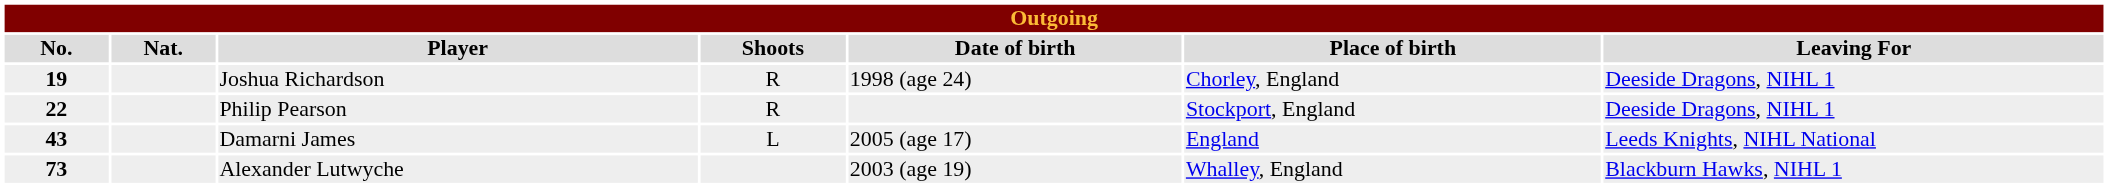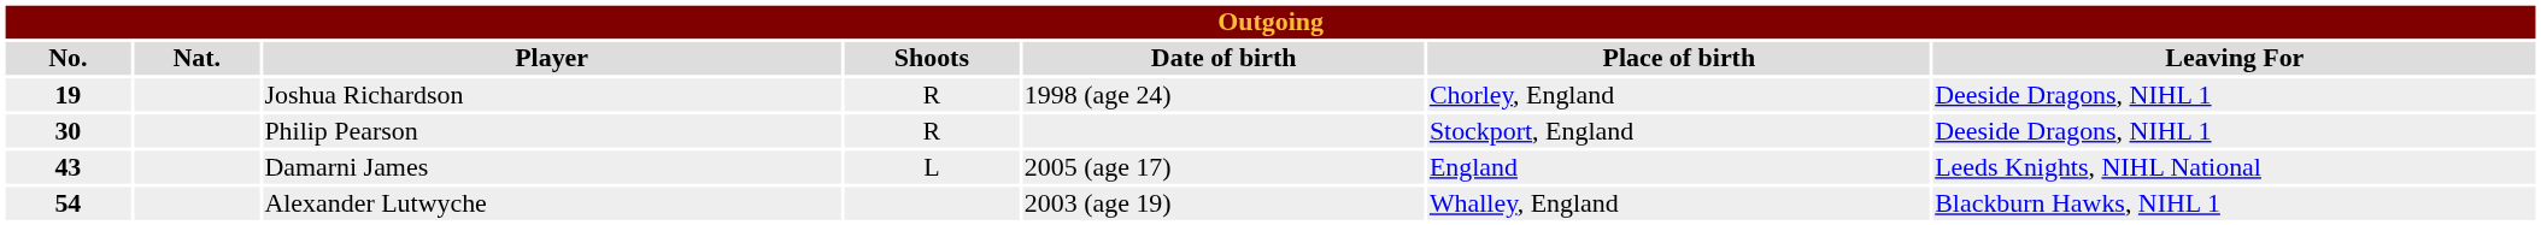 <table class="toccolours" style="width:97%; clear:both; margin:1.5em auto; text-align:center;">
 <tr>
 <th colspan="7" style="background:maroon; color:#fbbb36;”">Outgoing</th>
 </tr>
 <tr style="background:#ddd;">
 <th width="5%">No.</th>
 <th width="5%">Nat.</th>
 <th>Player</th>
 <th width="7%">Shoots</th>
 <th width="16%">Date of birth</th>
 <th width="20%">Place of birth</th>
 <th width="24%">Leaving For</th>
 </tr>
 <tr style="background:#eee;">
 <td><strong>19</strong></td>
 <td></td>
 <td align=left>Joshua Richardson</td>
 <td>R</td>
 <td align=left>1998 (age 24)</td>
 <td align=left><a href='#'>Chorley</a>, England</td>
 <td align=left><a href='#'>Deeside Dragons</a>, <a href='#'>NIHL 1</a></td>
 </tr>
 <tr style="background:#eee;">
-<td><strong>22</strong></td>
+<td><strong>30</strong></td>
 <td></td>
 <td align=left>Philip Pearson</td>
 <td>R</td>
 <td align=left></td>
 <td align=left><a href='#'>Stockport</a>, England</td>
 <td align=left><a href='#'>Deeside Dragons</a>, <a href='#'>NIHL 1</a></td>
 </tr>
 <tr style="background:#eee;">
 <td><strong>43</strong></td>
 <td></td>
 <td align=left>Damarni James</td>
 <td>L</td>
 <td align=left>2005 (age 17)</td>
 <td align=left><a href='#'>England</a></td>
 <td align=left><a href='#'>Leeds Knights</a>, <a href='#'>NIHL National</a></td>
 </tr>
 <tr style="background:#eee;">
-<td><strong>73</strong></td>
+<td><strong>54</strong></td>
 <td></td>
 <td align=left>Alexander Lutwyche</td>
 <td></td>
 <td align=left>2003 (age 19)</td>
 <td align=left><a href='#'>Whalley</a>, England</td>
 <td align=left><a href='#'>Blackburn Hawks</a>, <a href='#'>NIHL 1</a></td>
 </tr>
 </table>
